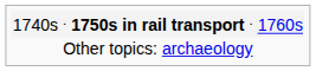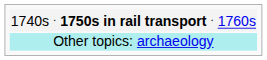 <table class="infobox">
 <tr style="background:#f3f3f3;">
 <td style="text-align:center;">1740s <sup>.</sup> <strong>1750s in rail transport</strong> <sup>.</sup> <a href='#'>1760s</a></td>
 </tr>
 <tr>
-<td style="text-align:center;">Other topics: <a href='#'>archaeology</a></td>
+<td style="background: paleturquoise; text-align:center;">Other topics: <a href='#'>archaeology</a></td>
 </tr>
 </table>
